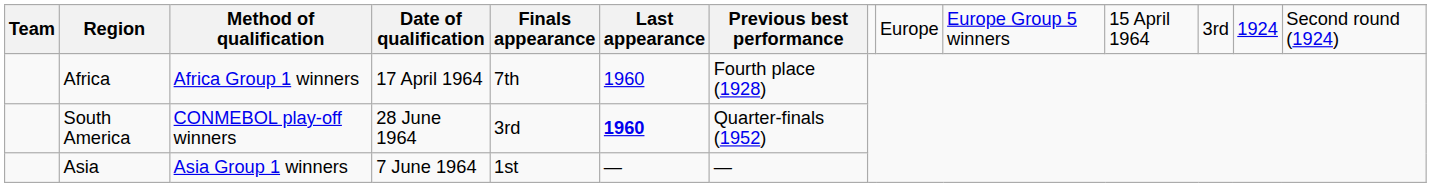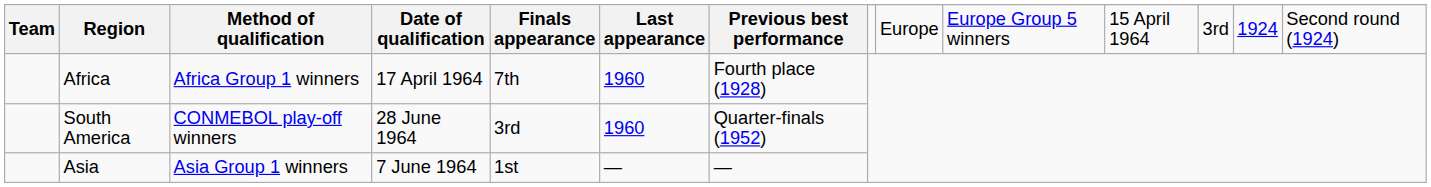 <table class="wikitable sortable">
 <tr>
 <th rowspan=2>Team</th>
 <th rowspan=2>Region</th>
 <th rowspan=2>Method of<br>qualification</th>
 <th rowspan=2>Date of<br>qualification</th>
 <th rowspan=2 data-sort-type="number">Finals<br>appearance</th>
 <th rowspan=2>Last<br>appearance</th>
 <th rowspan=2>Previous best<br>performance</th>
 </tr>
 <tr>
 <td style=white-space:nowrap></td>
 <td>Europe</td>
 <td><a href='#'>Europe Group 5</a> winners</td>
 <td>15 April 1964</td>
 <td>3rd</td>
 <td><a href='#'>1924</a></td>
 <td data-sort-value="3">Second round (<a href='#'>1924</a>)</td>
 </tr>
 <tr>
 <td style=white-space:nowrap></td>
 <td>Africa</td>
 <td><a href='#'>Africa Group 1</a> winners</td>
 <td>17 April 1964</td>
 <td>7th</td>
 <td><a href='#'>1960</a></td>
 <td data-sort-value="5">Fourth place (<a href='#'>1928</a>)</td>
 </tr>
 <tr>
 <td style=white-space:nowrap></td>
 <td>South America</td>
 <td><a href='#'>CONMEBOL play-off</a> winners</td>
 <td>28 June 1964</td>
 <td>3rd</td>
-<td><strong><a href='#'>1960</a></strong></td>
+<td><a href='#'>1960</a></td>
 <td data-sort-value="4">Quarter-finals (<a href='#'>1952</a>)</td>
 </tr>
 <tr>
 <td style=white-space:nowrap></td>
 <td>Asia</td>
 <td><a href='#'>Asia Group 1</a> winners</td>
 <td>7 June 1964</td>
 <td>1st</td>
 <td>—</td>
 <td data-sort-value="1">—</td>
 </tr>
 </table>
